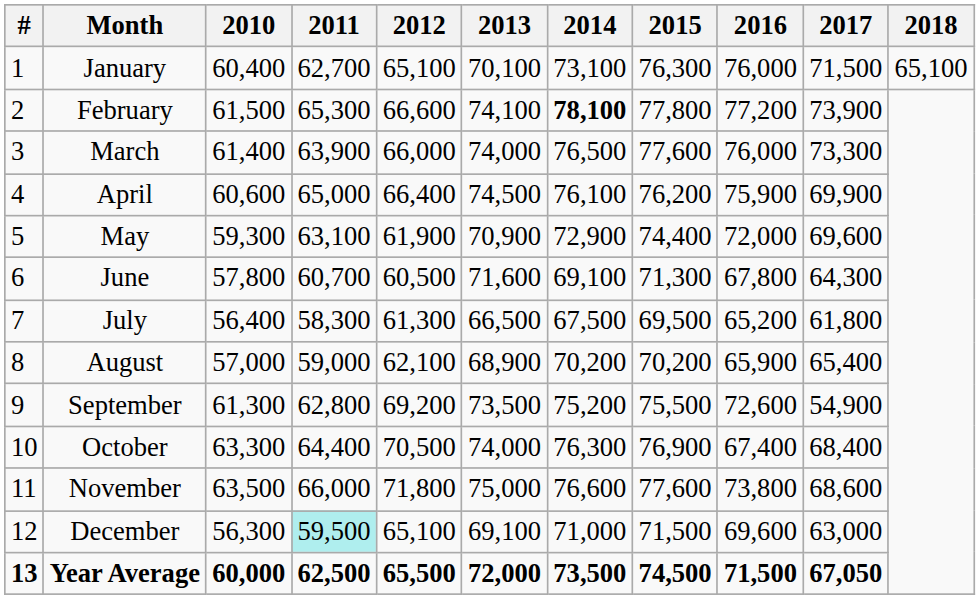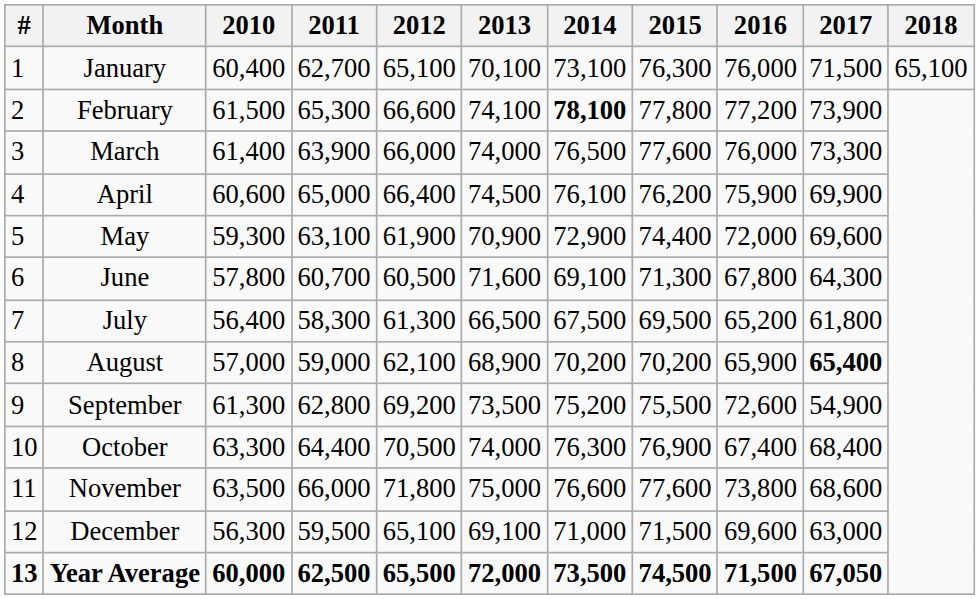 <table class="wikitable sortable">
 <tr>
 <th>#</th>
 <th class="unsortable">Month</th>
 <th>2010</th>
 <th>2011</th>
 <th>2012</th>
 <th>2013</th>
 <th>2014</th>
 <th>2015</th>
 <th>2016</th>
 <th>2017</th>
 <th>2018</th>
 </tr>
 <tr>
 <td>1</td>
 <td align="center">January</td>
 <td align="center">60,400</td>
 <td align="center">62,700</td>
 <td align="center">65,100</td>
 <td align="center">70,100</td>
 <td align="center">73,100</td>
 <td align="center">76,300</td>
 <td align="center">76,000</td>
 <td align="center">71,500</td>
 <td align="center">65,100</td>
 </tr>
 <tr>
 <td>2</td>
 <td align="center">February</td>
 <td align="center">61,500</td>
 <td align="center">65,300</td>
 <td align="center">66,600</td>
 <td align="center">74,100</td>
 <td align="center"><strong>78,100</strong></td>
 <td align="center">77,800</td>
 <td align="center">77,200</td>
 <td align="center">73,900</td>
 </tr>
 <tr>
 <td>3</td>
 <td align="center">March</td>
 <td align="center">61,400</td>
 <td align="center">63,900</td>
 <td align="center">66,000</td>
 <td align="center">74,000</td>
 <td align="center">76,500</td>
 <td align="center">77,600</td>
 <td align="center">76,000</td>
 <td align="center">73,300</td>
 </tr>
 <tr>
 <td>4</td>
 <td align="center">April</td>
 <td align="center">60,600</td>
 <td align="center">65,000</td>
 <td align="center">66,400</td>
 <td align="center">74,500</td>
 <td align="center">76,100</td>
 <td align="center">76,200</td>
 <td align="center">75,900</td>
 <td align="center">69,900</td>
 </tr>
 <tr>
 <td>5</td>
 <td align="center">May</td>
 <td align="center">59,300</td>
 <td align="center">63,100</td>
 <td align="center">61,900</td>
 <td align="center">70,900</td>
 <td align="center">72,900</td>
 <td align="center">74,400</td>
 <td align="center">72,000</td>
 <td align="center">69,600</td>
 </tr>
 <tr>
 <td>6</td>
 <td align="center">June</td>
 <td align="center">57,800</td>
 <td align="center">60,700</td>
 <td align="center">60,500</td>
 <td align="center">71,600</td>
 <td align="center">69,100</td>
 <td align="center">71,300</td>
 <td align="center">67,800</td>
 <td align="center">64,300</td>
 </tr>
 <tr>
 <td>7</td>
 <td align="center">July</td>
 <td align="center">56,400</td>
 <td align="center">58,300</td>
 <td align="center">61,300</td>
 <td align="center">66,500</td>
 <td align="center">67,500</td>
 <td align="center">69,500</td>
 <td align="center">65,200</td>
 <td align="center">61,800</td>
 </tr>
 <tr>
 <td>8</td>
 <td align="center">August</td>
 <td align="center">57,000</td>
 <td align="center">59,000</td>
 <td align="center">62,100</td>
 <td align="center">68,900</td>
 <td align="center">70,200</td>
 <td align="center">70,200</td>
 <td align="center">65,900</td>
-<td align="center">65,400</td>
+<td align="center"><strong>65,400</strong></td>
 </tr>
 <tr>
 <td>9</td>
 <td align="center">September</td>
 <td align="center">61,300</td>
 <td align="center">62,800</td>
 <td align="center">69,200</td>
 <td align="center">73,500</td>
 <td align="center">75,200</td>
 <td align="center">75,500</td>
 <td align="center">72,600</td>
 <td align="center">54,900</td>
 </tr>
 <tr>
 <td>10</td>
 <td align="center">October</td>
 <td align="center">63,300</td>
 <td align="center">64,400</td>
 <td align="center">70,500</td>
 <td align="center">74,000</td>
 <td align="center">76,300</td>
 <td align="center">76,900</td>
 <td align="center">67,400</td>
 <td align="center">68,400</td>
 </tr>
 <tr>
 <td>11</td>
 <td align="center">November</td>
 <td align="center">63,500</td>
 <td align="center">66,000</td>
 <td align="center">71,800</td>
 <td align="center">75,000</td>
 <td align="center">76,600</td>
 <td align="center">77,600</td>
 <td align="center">73,800</td>
 <td align="center">68,600</td>
 </tr>
 <tr>
 <td>12</td>
 <td align="center">December</td>
 <td align="center">56,300</td>
-<td align="center" style="background: paleturquoise;">59,500</td>
+<td align="center">59,500</td>
 <td align="center">65,100</td>
 <td align="center">69,100</td>
 <td align="center">71,000</td>
 <td align="center">71,500</td>
 <td align="center">69,600</td>
 <td align="center">63,000</td>
 </tr>
 <tr>
 <td align="center"><strong>13</strong></td>
 <td align="center"><strong>Year Average</strong></td>
 <td align="center"><strong>60,000</strong></td>
 <td align="center"><strong>62,500</strong></td>
 <td align="center"><strong>65,500</strong></td>
 <td align="center"><strong>72,000</strong></td>
 <td align="center"><strong>73,500</strong></td>
 <td align="center"><strong>74,500</strong></td>
 <td align="center"><strong>71,500</strong></td>
 <td align="center"><strong>67,050</strong></td>
 </tr>
 </table>
